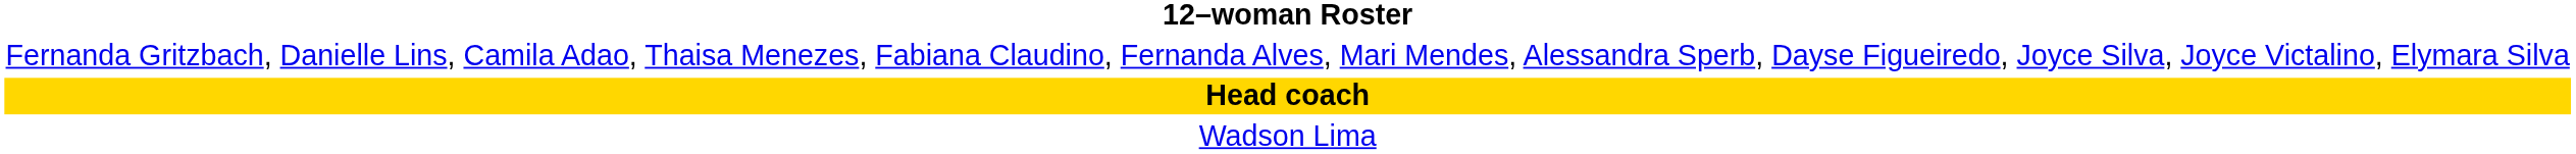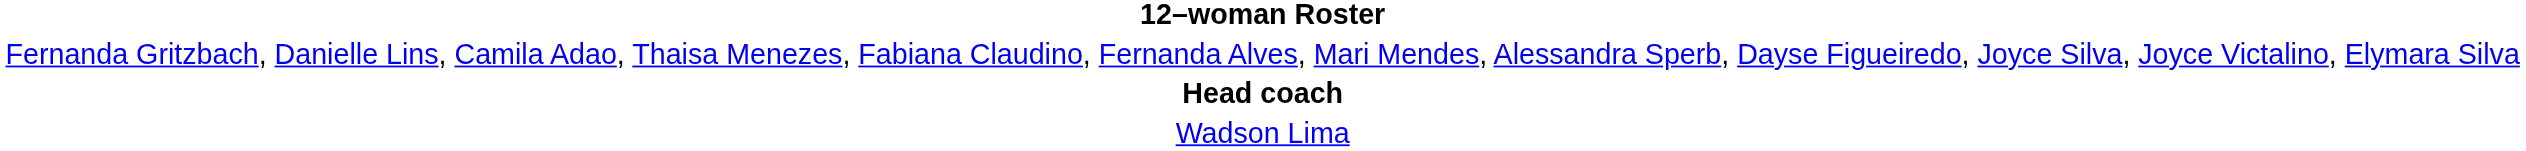 <table style="text-align: center; margin-top: 2em; margin-left: auto; margin-right: auto">
 <tr>
 <td><strong>12–woman Roster</strong></td>
 </tr>
 <tr>
 <td><a href='#'>Fernanda Gritzbach</a>, <a href='#'>Danielle Lins</a>,  <a href='#'>Camila Adao</a>, <a href='#'>Thaisa Menezes</a>, <a href='#'>Fabiana Claudino</a>, <a href='#'>Fernanda Alves</a>, <a href='#'>Mari Mendes</a>, <a href='#'>Alessandra Sperb</a>, <a href='#'>Dayse Figueiredo</a>, <a href='#'>Joyce Silva</a>, <a href='#'>Joyce Victalino</a>, <a href='#'>Elymara Silva</a></td>
 </tr>
 <tr>
-<td style="background: gold;"><strong>Head coach</strong></td>
+<td><strong>Head coach</strong></td>
 </tr>
 <tr>
 <td><a href='#'>Wadson Lima</a></td>
 </tr>
 </table>
